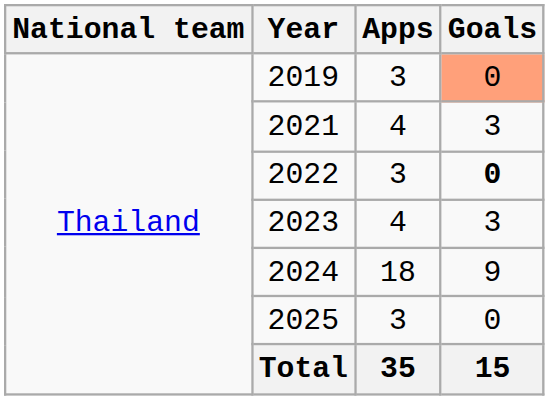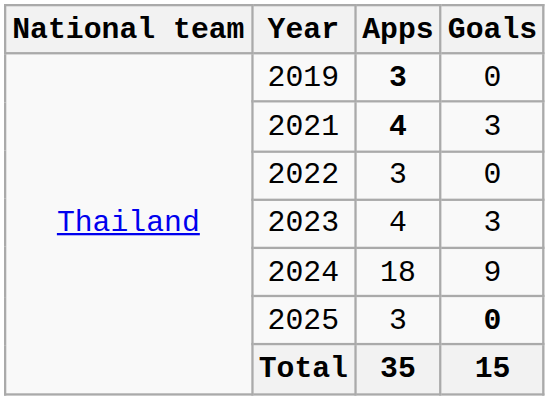 <table class="wikitable" style="text-align:center">
 <tr>
 <th>National team</th>
 <th>Year</th>
 <th>Apps</th>
 <th>Goals</th>
 </tr>
 <tr>
 <td rowspan=7><a href='#'>Thailand</a></td>
 <td>2019</td>
-<td>3</td>
-<td style="background: lightsalmon;">0</td>
+<td><strong>3</strong></td>
+<td>0</td>
 </tr>
 <tr>
 <td>2021</td>
-<td>4</td>
+<td><strong>4</strong></td>
 <td>3</td>
 </tr>
 <tr>
 <td>2022</td>
 <td>3</td>
-<td><strong>0</strong></td>
+<td>0</td>
 </tr>
 <tr>
 <td>2023</td>
 <td>4</td>
 <td>3</td>
 </tr>
 <tr>
 <td>2024</td>
 <td>18</td>
 <td>9</td>
 </tr>
 <tr>
 <td>2025</td>
 <td>3</td>
-<td>0</td>
+<td><strong>0</strong></td>
 </tr>
 <tr>
 <th colspan=1>Total</th>
 <th>35</th>
 <th>15</th>
 </tr>
 </table>
